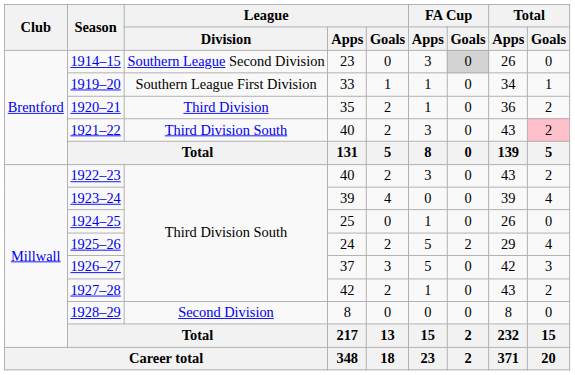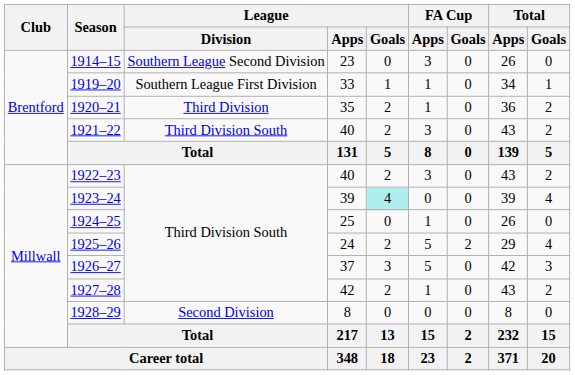 <table class="wikitable" style="text-align: center">
 <tr>
 <th rowspan="2">Club</th>
 <th rowspan="2">Season</th>
 <th colspan="3">League</th>
 <th colspan="2">FA Cup</th>
 <th colspan="2">Total</th>
 </tr>
 <tr>
 <th>Division</th>
 <th>Apps</th>
 <th>Goals</th>
 <th>Apps</th>
 <th>Goals</th>
 <th>Apps</th>
 <th>Goals</th>
 </tr>
 <tr>
 <td rowspan="5"><a href='#'>Brentford</a></td>
 <td><a href='#'>1914–15</a></td>
 <td><a href='#'>Southern League</a> Second Division</td>
 <td>23</td>
 <td>0</td>
 <td>3</td>
-<td style="background: lightgrey;">0</td>
+<td>0</td>
 <td>26</td>
 <td>0</td>
 </tr>
 <tr>
 <td><a href='#'>1919–20</a></td>
 <td>Southern League First Division</td>
 <td>33</td>
 <td>1</td>
 <td>1</td>
 <td>0</td>
 <td>34</td>
 <td>1</td>
 </tr>
 <tr>
 <td><a href='#'>1920–21</a></td>
 <td><a href='#'>Third Division</a></td>
 <td>35</td>
 <td>2</td>
 <td>1</td>
 <td>0</td>
 <td>36</td>
 <td>2</td>
 </tr>
 <tr>
 <td><a href='#'>1921–22</a></td>
 <td><a href='#'>Third Division South</a></td>
 <td>40</td>
 <td>2</td>
 <td>3</td>
 <td>0</td>
 <td>43</td>
-<td style="background: pink;">2</td>
+<td>2</td>
 </tr>
 <tr>
 <th colspan="2">Total</th>
 <th>131</th>
 <th>5</th>
 <th>8</th>
 <th>0</th>
 <th>139</th>
 <th>5</th>
 </tr>
 <tr>
 <td rowspan="8"><a href='#'>Millwall</a></td>
 <td><a href='#'>1922–23</a></td>
 <td rowspan="6">Third Division South</td>
 <td>40</td>
 <td>2</td>
 <td>3</td>
 <td>0</td>
 <td>43</td>
 <td>2</td>
 </tr>
 <tr>
 <td><a href='#'>1923–24</a></td>
 <td>39</td>
-<td>4</td>
+<td style="background: paleturquoise;">4</td>
 <td>0</td>
 <td>0</td>
 <td>39</td>
 <td>4</td>
 </tr>
 <tr>
 <td><a href='#'>1924–25</a></td>
 <td>25</td>
 <td>0</td>
 <td>1</td>
 <td>0</td>
 <td>26</td>
 <td>0</td>
 </tr>
 <tr>
 <td><a href='#'>1925–26</a></td>
 <td>24</td>
 <td>2</td>
 <td>5</td>
 <td>2</td>
 <td>29</td>
 <td>4</td>
 </tr>
 <tr>
 <td><a href='#'>1926–27</a></td>
 <td>37</td>
 <td>3</td>
 <td>5</td>
 <td>0</td>
 <td>42</td>
 <td>3</td>
 </tr>
 <tr>
 <td><a href='#'>1927–28</a></td>
 <td>42</td>
 <td>2</td>
 <td>1</td>
 <td>0</td>
 <td>43</td>
 <td>2</td>
 </tr>
 <tr>
 <td><a href='#'>1928–29</a></td>
 <td><a href='#'>Second Division</a></td>
 <td>8</td>
 <td>0</td>
 <td>0</td>
 <td>0</td>
 <td>8</td>
 <td>0</td>
 </tr>
 <tr>
 <th colspan="2">Total</th>
 <th>217</th>
 <th>13</th>
 <th>15</th>
 <th>2</th>
 <th>232</th>
 <th>15</th>
 </tr>
 <tr>
 <th colspan="3">Career total</th>
 <th>348</th>
 <th>18</th>
 <th>23</th>
 <th>2</th>
 <th>371</th>
 <th>20</th>
 </tr>
 </table>
